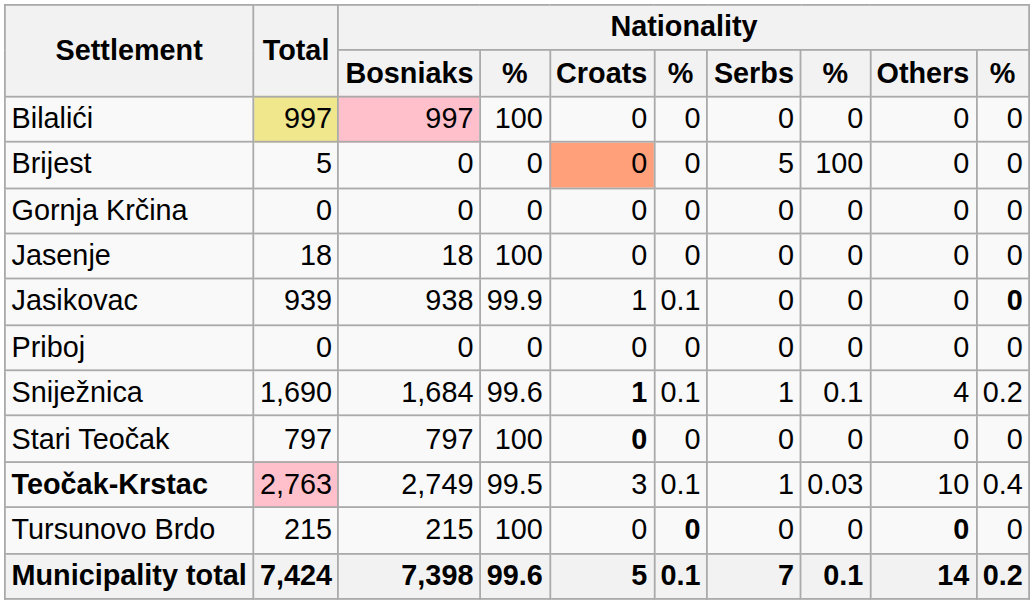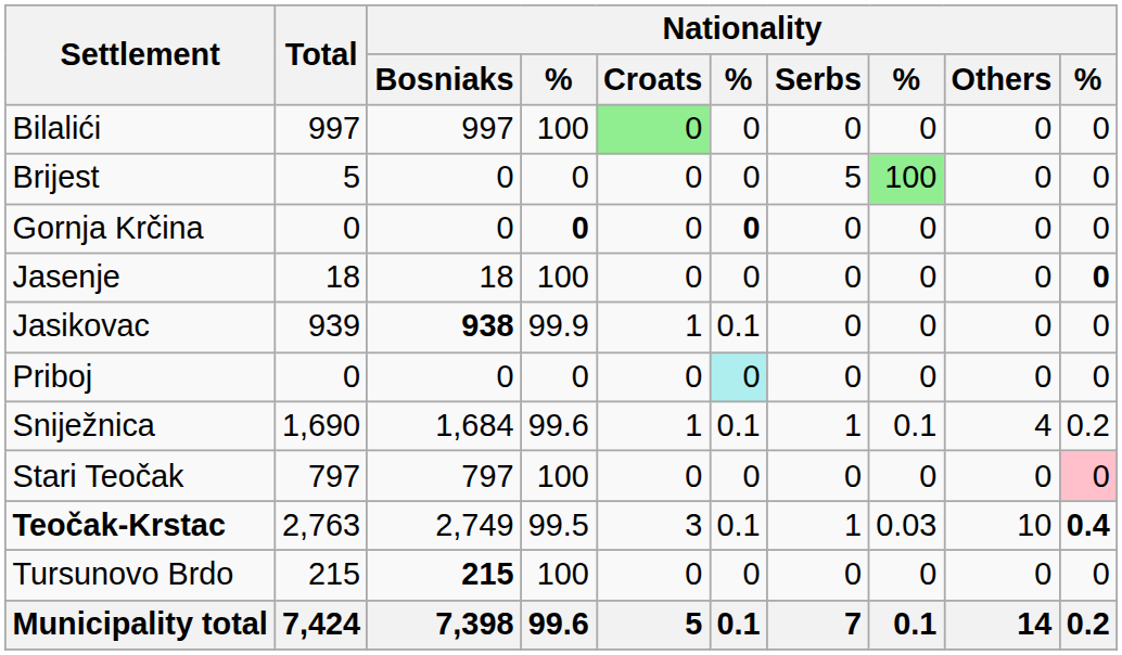 <table class="wikitable sortable" style="text-align:right;">
 <tr>
 <th rowspan="2">Settlement</th>
 <th rowspan="2">Total</th>
 <th colspan="8">Nationality</th>
 </tr>
 <tr>
 <th>Bosniaks</th>
 <th>%</th>
 <th>Croats</th>
 <th>%</th>
 <th>Serbs</th>
 <th>%</th>
 <th>Others</th>
 <th>%</th>
 </tr>
 <tr>
 <td style="text-align:left;">Bilalići</td>
-<td style="background: khaki;">997</td>
-<td style="background: pink;">997</td>
+<td>997</td>
+<td>997</td>
 <td>100</td>
-<td>0</td>
+<td style="background: lightgreen;">0</td>
 <td>0</td>
 <td>0</td>
 <td>0</td>
 <td>0</td>
 <td>0</td>
 </tr>
 <tr>
 <td style="text-align:left;">Brijest</td>
 <td>5</td>
 <td>0</td>
 <td>0</td>
-<td style="background: lightsalmon;">0</td>
+<td>0</td>
 <td>0</td>
 <td>5</td>
-<td>100</td>
+<td style="background: lightgreen;">100</td>
 <td>0</td>
 <td>0</td>
 </tr>
 <tr>
 <td style="text-align:left;">Gornja Krčina</td>
 <td>0</td>
 <td>0</td>
+<td><strong>0</strong></td>
 <td>0</td>
-<td>0</td>
-<td>0</td>
+<td><strong>0</strong></td>
 <td>0</td>
 <td>0</td>
 <td>0</td>
 <td>0</td>
 </tr>
 <tr>
 <td style="text-align:left;">Jasenje</td>
 <td>18</td>
 <td>18</td>
 <td>100</td>
 <td>0</td>
 <td>0</td>
 <td>0</td>
 <td>0</td>
 <td>0</td>
-<td>0</td>
+<td><strong>0</strong></td>
 </tr>
 <tr>
 <td style="text-align:left;">Jasikovac</td>
 <td>939</td>
-<td>938</td>
+<td><strong>938</strong></td>
 <td>99.9</td>
 <td>1</td>
 <td>0.1</td>
 <td>0</td>
 <td>0</td>
 <td>0</td>
-<td><strong>0</strong></td>
+<td>0</td>
 </tr>
 <tr>
 <td style="text-align:left;">Priboj</td>
 <td>0</td>
 <td>0</td>
 <td>0</td>
 <td>0</td>
-<td>0</td>
+<td style="background: paleturquoise;">0</td>
 <td>0</td>
 <td>0</td>
 <td>0</td>
 <td>0</td>
 </tr>
 <tr>
 <td style="text-align:left;">Sniježnica</td>
 <td>1,690</td>
 <td>1,684</td>
 <td>99.6</td>
-<td><strong>1</strong></td>
+<td>1</td>
 <td>0.1</td>
 <td>1</td>
 <td>0.1</td>
 <td>4</td>
 <td>0.2</td>
 </tr>
 <tr>
 <td style="text-align:left;">Stari Teočak</td>
 <td>797</td>
 <td>797</td>
 <td>100</td>
-<td><strong>0</strong></td>
 <td>0</td>
 <td>0</td>
 <td>0</td>
 <td>0</td>
 <td>0</td>
+<td style="background: pink;">0</td>
 </tr>
 <tr>
 <td style="text-align:left;"><strong>Teočak-Krstac</strong></td>
-<td style="background: pink;">2,763</td>
+<td>2,763</td>
 <td>2,749</td>
 <td>99.5</td>
 <td>3</td>
 <td>0.1</td>
 <td>1</td>
 <td>0.03</td>
 <td>10</td>
-<td>0.4</td>
+<td><strong>0.4</strong></td>
 </tr>
 <tr>
 <td style="text-align:left;">Tursunovo Brdo</td>
 <td>215</td>
-<td>215</td>
+<td><strong>215</strong></td>
 <td>100</td>
 <td>0</td>
-<td><strong>0</strong></td>
 <td>0</td>
 <td>0</td>
-<td><strong>0</strong></td>
+<td>0</td>
+<td>0</td>
 <td>0</td>
 </tr>
 <tr>
 <th scope="col">Municipality total</th>
 <th scope="col" style="text-align:right;">7,424</th>
 <th scope="col" style="text-align:right;">7,398</th>
 <th style="text-align:right;">99.6</th>
 <th scope="col" style="text-align:right;">5</th>
 <th style="text-align:right;">0.1</th>
 <th scope="col" style="text-align:right;">7</th>
 <th style="text-align:right;">0.1</th>
 <th scope="col" style="text-align:right;">14</th>
 <th style="text-align:right;">0.2</th>
 </tr>
 </table>
